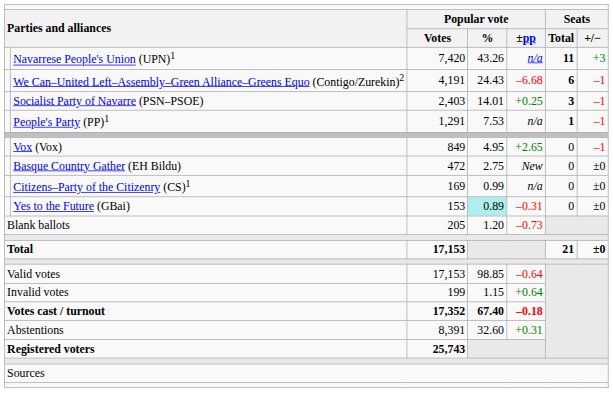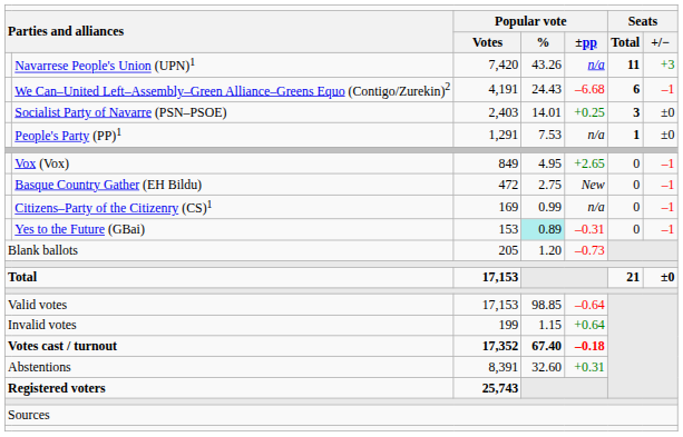 <table class="wikitable" style="text-align:right;">
 <tr>
 <td colspan="7"></td>
 </tr>
 <tr>
 <th style="text-align:left;" rowspan="2" colspan="2" width="525">Parties and alliances</th>
 <th colspan="3">Popular vote</th>
 <th colspan="2">Seats</th>
 </tr>
 <tr>
 <th width="75">Votes</th>
 <th width="45">%</th>
 <th width="45">±<a href='#'>pp</a></th>
 <th width="35">Total</th>
 <th width="35">+/−</th>
 </tr>
 <tr>
 <td width="1" style="color:inherit;background:"></td>
 <td align="left"><a href='#'>Navarrese People's Union</a> (UPN)<sup>1</sup></td>
 <td>7,420</td>
 <td>43.26</td>
 <td><em><a href='#'>n/a</a></em></td>
 <td><strong>11</strong></td>
 <td style="color:green;">+3</td>
 </tr>
 <tr>
 <td style="color:inherit;background:"></td>
 <td align="left"><a href='#'>We Can–United Left–Assembly–Green Alliance–Greens Equo</a> (Contigo/Zurekin)<sup>2</sup></td>
 <td>4,191</td>
 <td>24.43</td>
 <td style="color:red;">–6.68</td>
 <td><strong>6</strong></td>
 <td style="color:red;">–1</td>
 </tr>
 <tr>
 <td style="color:inherit;background:"></td>
 <td align="left"><a href='#'>Socialist Party of Navarre</a> (PSN–PSOE)</td>
 <td>2,403</td>
 <td>14.01</td>
 <td style="color:green;">+0.25</td>
 <td><strong>3</strong></td>
-<td style="color:red;">–1</td>
+<td>±0</td>
 </tr>
 <tr>
 <td style="color:inherit;background:"></td>
 <td align="left"><a href='#'>People's Party</a> (PP)<sup>1</sup></td>
 <td>1,291</td>
 <td>7.53</td>
 <td><em>n/a</em></td>
 <td><strong>1</strong></td>
-<td style="color:red;">–1</td>
+<td>±0</td>
 </tr>
 <tr>
 <td colspan="7" bgcolor="#C0C0C0"></td>
 </tr>
 <tr>
 <td style="color:inherit;background:"></td>
 <td align="left"><a href='#'>Vox</a> (Vox)</td>
 <td>849</td>
 <td>4.95</td>
 <td style="color:green;">+2.65</td>
 <td>0</td>
 <td style="color:red;">–1</td>
 </tr>
 <tr>
 <td style="color:inherit;background:"></td>
 <td align="left"><a href='#'>Basque Country Gather</a> (EH Bildu)</td>
 <td>472</td>
 <td>2.75</td>
 <td><em>New</em></td>
 <td>0</td>
-<td>±0</td>
+<td style="color:red;">–1</td>
 </tr>
 <tr>
 <td style="color:inherit;background:"></td>
 <td align="left"><a href='#'>Citizens–Party of the Citizenry</a> (CS)<sup>1</sup></td>
 <td>169</td>
 <td>0.99</td>
 <td><em>n/a</em></td>
 <td>0</td>
-<td>±0</td>
+<td style="color:red;">–1</td>
 </tr>
 <tr>
 <td style="color:inherit;background:"></td>
 <td align="left"><a href='#'>Yes to the Future</a> (GBai)</td>
 <td>153</td>
 <td style="background: paleturquoise;">0.89</td>
 <td style="color:red;">–0.31</td>
 <td>0</td>
-<td>±0</td>
+<td style="color:red;">–1</td>
 </tr>
 <tr>
 <td align="left" colspan="2">Blank ballots</td>
 <td>205</td>
 <td>1.20</td>
 <td style="color:red;">–0.73</td>
 <td bgcolor="#E9E9E9" colspan="2"></td>
 </tr>
 <tr>
 <td colspan="7" bgcolor="#E9E9E9"></td>
 </tr>
 <tr style="font-weight:bold;">
 <td align="left" colspan="2">Total</td>
 <td>17,153</td>
 <td bgcolor="#E9E9E9" colspan="2"></td>
 <td>21</td>
 <td>±0</td>
 </tr>
 <tr>
 <td colspan="7" bgcolor="#E9E9E9"></td>
 </tr>
 <tr>
 <td align="left" colspan="2">Valid votes</td>
 <td>17,153</td>
 <td>98.85</td>
 <td style="color:red;">–0.64</td>
 <td bgcolor="#E9E9E9" colspan="2" rowspan="5"></td>
 </tr>
 <tr>
 <td align="left" colspan="2">Invalid votes</td>
 <td>199</td>
 <td>1.15</td>
 <td style="color:green;">+0.64</td>
 </tr>
 <tr style="font-weight:bold;">
 <td align="left" colspan="2">Votes cast / turnout</td>
 <td>17,352</td>
 <td>67.40</td>
 <td style="color:red;">–0.18</td>
 </tr>
 <tr>
 <td align="left" colspan="2">Abstentions</td>
 <td>8,391</td>
 <td>32.60</td>
 <td style="color:green;">+0.31</td>
 </tr>
 <tr style="font-weight:bold;">
 <td align="left" colspan="2">Registered voters</td>
 <td>25,743</td>
 <td bgcolor="#E9E9E9" colspan="2"></td>
 </tr>
 <tr>
 <td colspan="7" bgcolor="#E9E9E9"></td>
 </tr>
 <tr>
 <td align="left" colspan="7">Sources</td>
 </tr>
 <tr>
 <td colspan="7" style="text-align:left; max-width:790px;"></td>
 </tr>
 </table>
